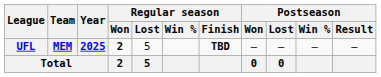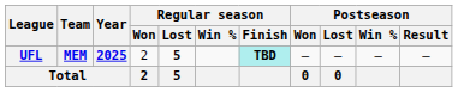 <table class="wikitable" style="font-size: 95%; text-align:center;">
 <tr>
 <th rowspan="2">League</th>
 <th rowspan="2">Team</th>
 <th rowspan="2">Year</th>
 <th colspan="4">Regular season</th>
 <th colspan="4">Postseason</th>
 </tr>
 <tr>
 <th>Won</th>
 <th>Lost</th>
 <th>Win %</th>
 <th>Finish</th>
 <th>Won</th>
 <th>Lost</th>
 <th>Win %</th>
 <th>Result</th>
 </tr>
 <tr>
 <th><a href='#'>UFL</a></th>
 <th><a href='#'>MEM</a></th>
 <th><a href='#'>2025</a></th>
-<td><strong>2</strong></td>
-<td>5</td>
+<td>2</td>
+<td><strong>5</strong></td>
 <td></td>
-<td><strong>TBD</strong></td>
+<td style="background: paleturquoise;"><strong>TBD</strong></td>
 <td>—</td>
 <td>—</td>
 <td>—</td>
 <td>—</td>
 </tr>
 <tr>
 <th colspan="3">Total</th>
 <th>2</th>
 <th>5</th>
 <th></th>
 <th></th>
 <th>0</th>
 <th>0</th>
 <th></th>
 <th></th>
 </tr>
 </table>
